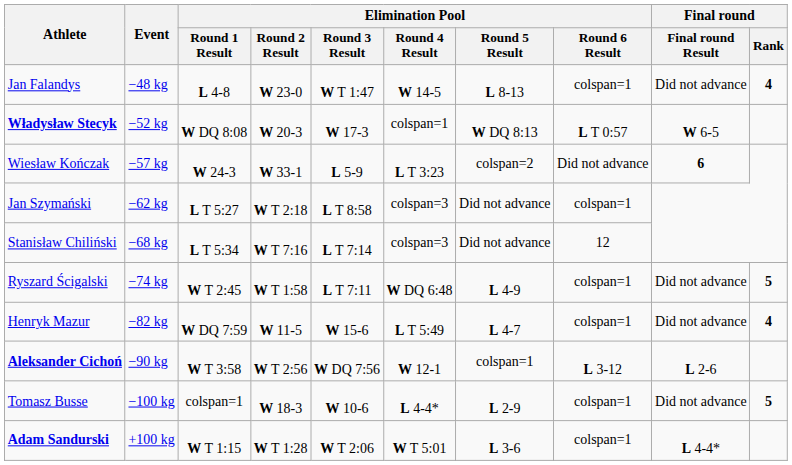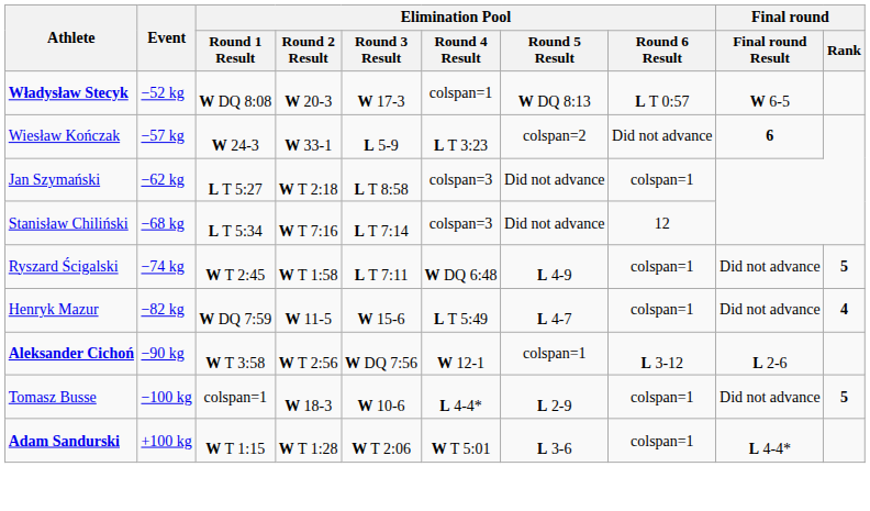 <table class="wikitable" style="font-size:90%">
 <tr>
 <th rowspan="2">Athlete</th>
 <th rowspan="2">Event</th>
 <th colspan=6>Elimination Pool</th>
 <th colspan=2>Final round</th>
 </tr>
 <tr style="font-size: 95%">
 <th>Round 1<br>Result</th>
 <th>Round 2<br>Result</th>
 <th>Round 3<br>Result</th>
 <th>Round 4<br>Result</th>
 <th>Round 5<br>Result</th>
 <th>Round 6<br>Result</th>
 <th>Final round<br>Result</th>
 <th>Rank</th>
-</tr>
-<tr align=center>
-<td align=left><a href='#'>Jan Falandys</a></td>
-<td align=left><a href='#'>−48 kg</a></td>
-<td><br><strong>L</strong> 4-8</td>
-<td><br><strong>W</strong> 23-0</td>
-<td><br><strong>W</strong> T 1:47</td>
-<td><br><strong>W</strong> 14-5</td>
-<td><br><strong>L</strong> 8-13</td>
-<td>colspan=1 </td>
-<td>Did not advance</td>
-<td><strong>4</strong></td>
 </tr>
 <tr align=center>
 <td align=left><strong><a href='#'>Władysław Stecyk</a></strong></td>
 <td align=left><a href='#'>−52 kg</a></td>
 <td><br><strong>W</strong> DQ 8:08</td>
 <td><br><strong>W</strong> 20-3</td>
 <td><br><strong>W</strong> 17-3</td>
 <td>colspan=1 </td>
 <td><br><strong>W</strong> DQ 8:13</td>
 <td><br><strong>L</strong> T 0:57</td>
 <td><br><strong>W</strong> 6-5</td>
 <td></td>
 </tr>
 <tr align=center>
 <td align=left><a href='#'>Wiesław Kończak</a></td>
 <td align=left><a href='#'>−57 kg</a></td>
 <td><br><strong>W</strong> 24-3</td>
 <td><br><strong>W</strong> 33-1</td>
 <td><br><strong>L</strong> 5-9</td>
 <td><br><strong>L</strong> T 3:23</td>
 <td>colspan=2 </td>
 <td>Did not advance</td>
 <td><strong>6</strong></td>
 </tr>
 <tr align=center>
 <td align=left><a href='#'>Jan Szymański</a></td>
 <td align=left><a href='#'>−62 kg</a></td>
 <td><br><strong>L</strong> T 5:27</td>
 <td><br><strong>W</strong> T 2:18</td>
 <td><br><strong>L</strong> T 8:58</td>
 <td>colspan=3 </td>
 <td>Did not advance</td>
 <td>colspan=1 </td>
 </tr>
 <tr align=center>
 <td align=left><a href='#'>Stanisław Chiliński</a></td>
 <td align=left><a href='#'>−68 kg</a></td>
 <td><br><strong>L</strong> T 5:34</td>
 <td><br><strong>W</strong> T 7:16</td>
 <td><br><strong>L</strong> T 7:14</td>
 <td>colspan=3 </td>
 <td>Did not advance</td>
 <td>12</td>
 </tr>
 <tr align=center>
 <td align=left><a href='#'>Ryszard Ścigalski</a></td>
 <td align=left><a href='#'>−74 kg</a></td>
 <td><br><strong>W</strong> T 2:45</td>
 <td><br><strong>W</strong> T 1:58</td>
 <td><br><strong>L</strong> T 7:11</td>
 <td><br><strong>W</strong> DQ 6:48</td>
 <td><br><strong>L</strong> 4-9</td>
 <td>colspan=1 </td>
 <td>Did not advance</td>
 <td><strong>5</strong></td>
 </tr>
 <tr align=center>
 <td align=left><a href='#'>Henryk Mazur</a></td>
 <td align=left><a href='#'>−82 kg</a></td>
 <td><br><strong>W</strong> DQ 7:59</td>
 <td><br><strong>W</strong> 11-5</td>
 <td><br><strong>W</strong> 15-6</td>
 <td><br><strong>L</strong> T 5:49</td>
 <td><br><strong>L</strong> 4-7</td>
 <td>colspan=1 </td>
 <td>Did not advance</td>
 <td><strong>4</strong></td>
 </tr>
 <tr align=center>
 <td align=left><strong><a href='#'>Aleksander Cichoń</a></strong></td>
 <td align=left><a href='#'>−90 kg</a></td>
 <td><br><strong>W</strong> T 3:58</td>
 <td><br><strong>W</strong> T 2:56</td>
 <td><br><strong>W</strong> DQ 7:56</td>
 <td><br><strong>W</strong> 12-1</td>
 <td>colspan=1 </td>
 <td><br><strong>L</strong> 3-12</td>
 <td><br><strong>L</strong> 2-6</td>
 <td></td>
 </tr>
 <tr align=center>
 <td align=left><a href='#'>Tomasz Busse</a></td>
 <td align=left><a href='#'>−100 kg</a></td>
 <td>colspan=1 </td>
 <td><br><strong>W</strong> 18-3</td>
 <td><br><strong>W</strong> 10-6</td>
 <td><br><strong>L</strong> 4-4*</td>
 <td><br><strong>L</strong> 2-9</td>
 <td>colspan=1 </td>
 <td>Did not advance</td>
 <td><strong>5</strong></td>
 </tr>
 <tr align=center>
 <td align=left><strong><a href='#'>Adam Sandurski</a></strong></td>
 <td align=left><a href='#'>+100 kg</a></td>
 <td><br><strong>W</strong> T 1:15</td>
 <td><br><strong>W</strong> T 1:28</td>
 <td><br><strong>W</strong> T 2:06</td>
 <td><br><strong>W</strong> T 5:01</td>
 <td><br><strong>L</strong> 3-6</td>
 <td>colspan=1 </td>
 <td><br><strong>L</strong> 4-4*</td>
 <td></td>
 </tr>
 </table>
